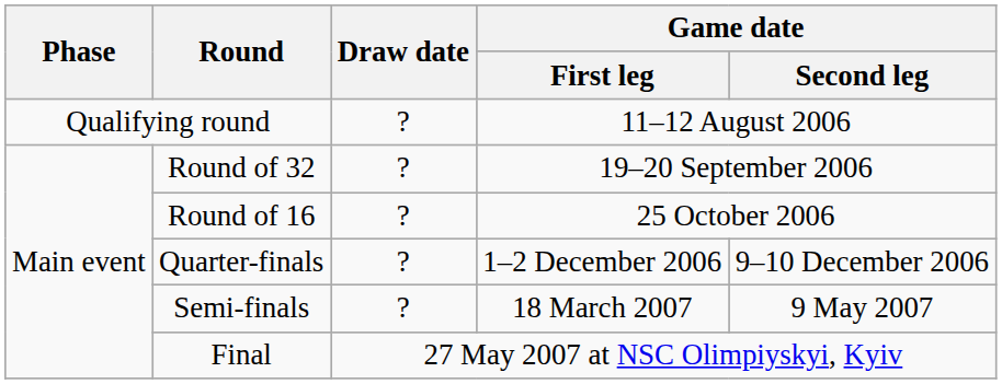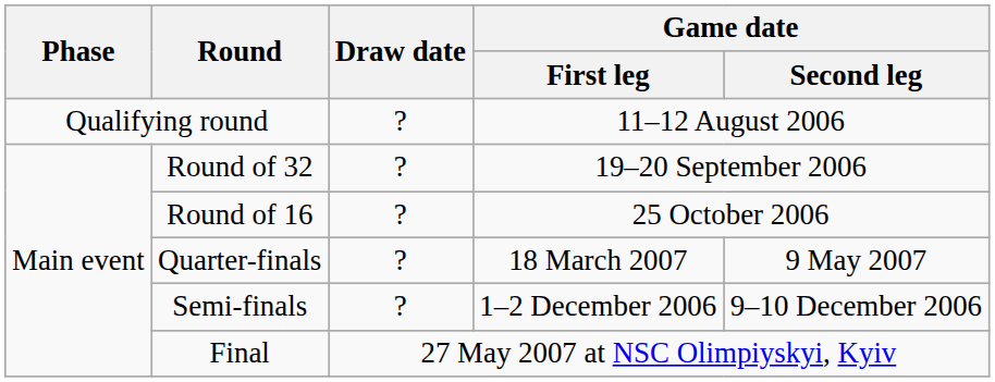 <table class="wikitable" style="text-align:center">
 <tr>
 <th rowspan=2>Phase</th>
 <th rowspan=2>Round</th>
 <th rowspan=2>Draw date</th>
 <th colspan=2>Game date</th>
 </tr>
 <tr>
 <th>First leg</th>
 <th>Second leg</th>
 </tr>
 <tr>
 <td colspan=2>Qualifying round</td>
 <td>?</td>
 <td colspan=2>11–12 August 2006</td>
 </tr>
 <tr>
 <td rowspan=5>Main event</td>
 <td>Round of 32</td>
 <td>?</td>
 <td colspan=2>19–20 September 2006</td>
 </tr>
 <tr>
 <td>Round of 16</td>
 <td>?</td>
 <td colspan=2>25 October 2006</td>
 </tr>
 <tr>
 <td>Quarter-finals</td>
 <td>?</td>
-<td>1–2 December 2006</td>
-<td>9–10 December 2006</td>
+<td>18 March 2007</td>
+<td>9 May 2007</td>
 </tr>
 <tr>
 <td>Semi-finals</td>
 <td>?</td>
-<td>18 March 2007</td>
-<td>9 May 2007</td>
+<td>1–2 December 2006</td>
+<td>9–10 December 2006</td>
 </tr>
 <tr>
 <td>Final</td>
 <td colspan="3">27 May 2007 at <a href='#'>NSC Olimpiyskyi</a>, <a href='#'>Kyiv</a></td>
 </tr>
 </table>
